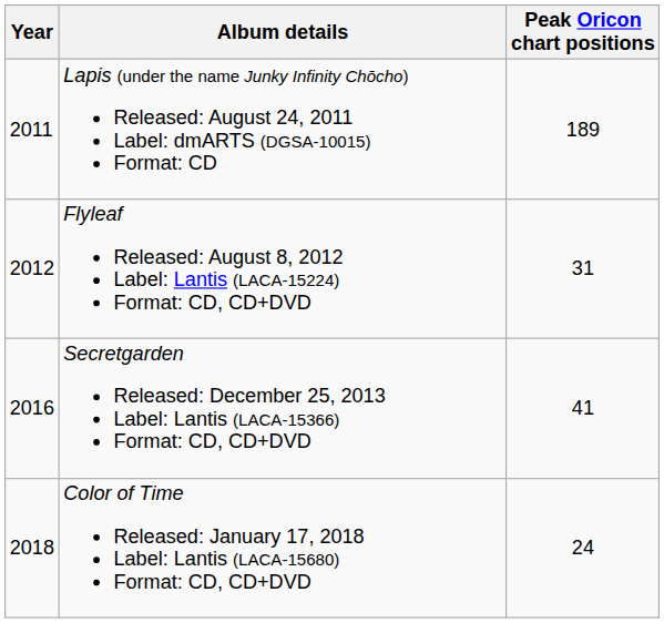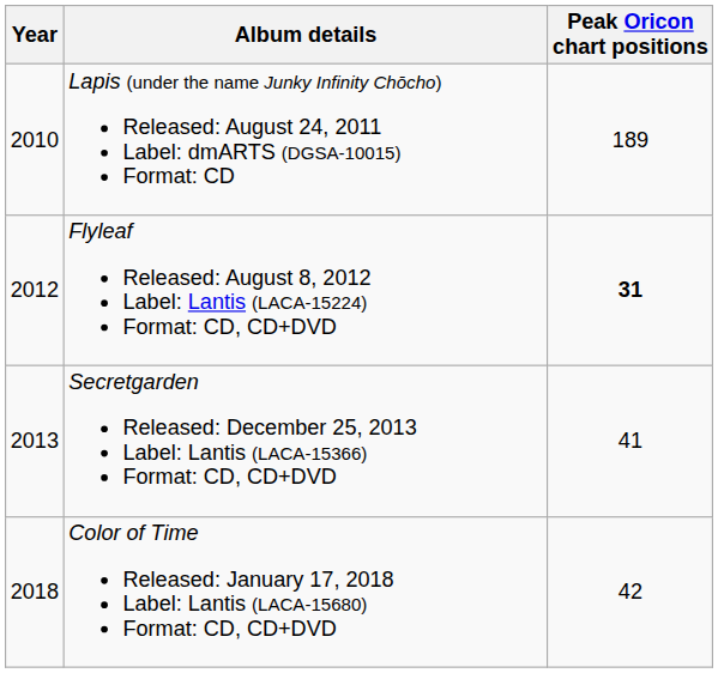 <table class="wikitable" border="1">
 <tr>
 <th rowspan="1">Year</th>
 <th rowspan="1" width="350">Album details</th>
 <th colspan="1">Peak <a href='#'>Oricon</a><br> chart positions</th>
 </tr>
 <tr>
-<td>2011</td>
+<td>2010</td>
 <td align="left"><em>Lapis</em> <small>(under the name <em>Junky Infinity Chōcho</em>)</small><br><ul><li>Released: August 24, 2011</li><li>Label: dmARTS <small>(DGSA-10015)</small></li><li>Format: CD</li></ul></td>
 <td align="center">189</td>
 </tr>
 <tr>
 <td>2012</td>
 <td align="left"><em>Flyleaf</em><br><ul><li>Released: August 8, 2012</li><li>Label: <a href='#'>Lantis</a> <small>(LACA-15224)</small></li><li>Format: CD, CD+DVD</li></ul></td>
-<td align="center">31</td>
+<td align="center"><strong>31</strong></td>
 </tr>
 <tr>
-<td>2016</td>
+<td>2013</td>
 <td align="left"><em>Secretgarden</em><br><ul><li>Released: December 25, 2013</li><li>Label: Lantis <small>(LACA-15366)</small></li><li>Format: CD, CD+DVD</li></ul></td>
 <td align="center">41</td>
 </tr>
 <tr>
 <td>2018</td>
 <td align="left"><em>Color of Time</em><br><ul><li>Released: January 17, 2018</li><li>Label: Lantis <small>(LACA-15680)</small></li><li>Format: CD, CD+DVD</li></ul></td>
-<td align="center">24</td>
+<td align="center">42</td>
 </tr>
 </table>
